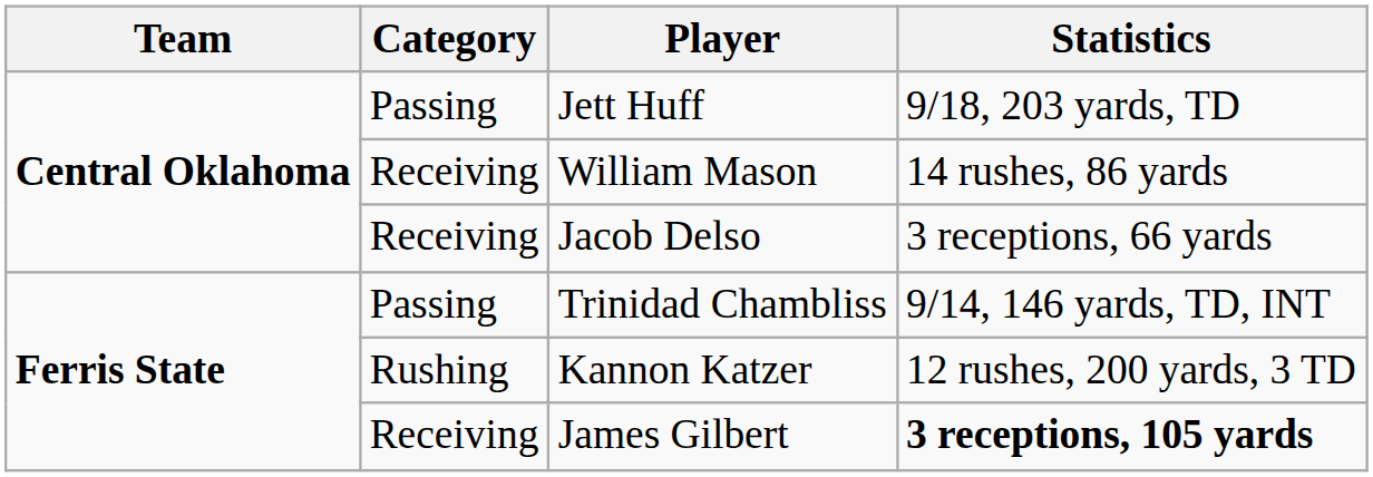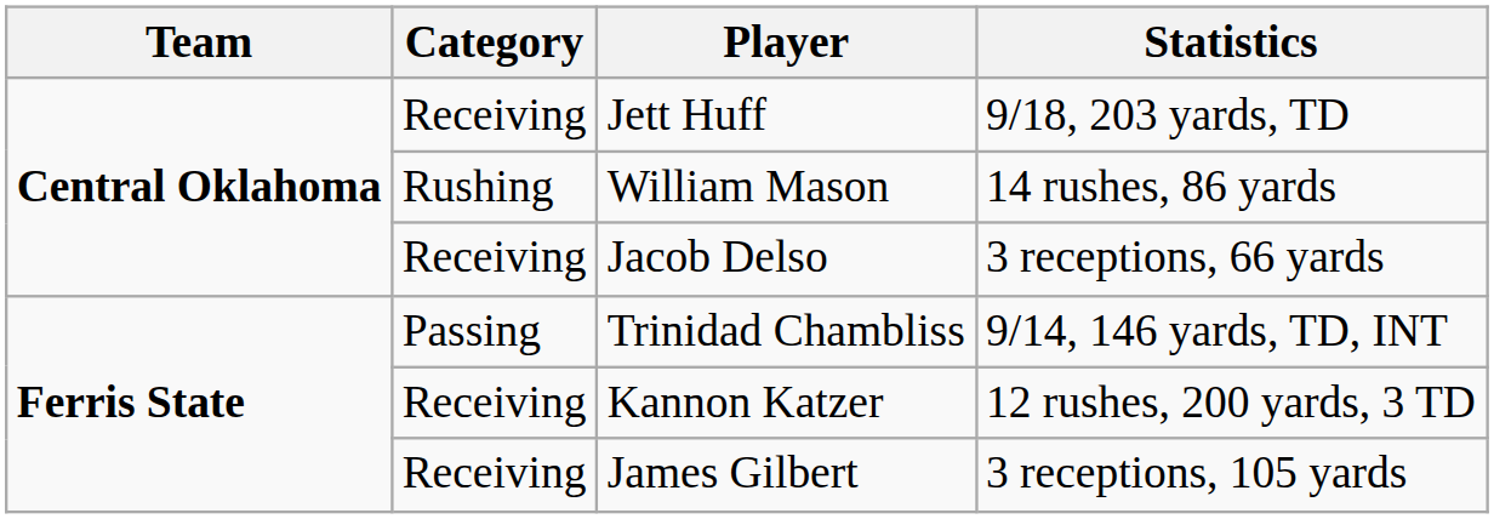 <table class="wikitable" style="float: left;">
 <tr>
 <th>Team</th>
 <th>Category</th>
 <th>Player</th>
 <th>Statistics</th>
 </tr>
 <tr>
 <td rowspan=3><strong>Central Oklahoma</strong></td>
-<td>Passing</td>
+<td>Receiving</td>
 <td>Jett Huff</td>
 <td>9/18, 203 yards, TD</td>
 </tr>
 <tr>
-<td>Receiving</td>
+<td>Rushing</td>
 <td>William Mason</td>
 <td>14 rushes, 86 yards</td>
 </tr>
 <tr>
 <td>Receiving</td>
 <td>Jacob Delso</td>
 <td>3 receptions, 66 yards</td>
 </tr>
 <tr>
 <td rowspan=3><strong>Ferris State</strong></td>
 <td>Passing</td>
 <td>Trinidad Chambliss</td>
 <td>9/14, 146 yards, TD, INT</td>
 </tr>
 <tr>
-<td>Rushing</td>
+<td>Receiving</td>
 <td>Kannon Katzer</td>
 <td>12 rushes, 200 yards, 3 TD</td>
 </tr>
 <tr>
 <td>Receiving</td>
 <td>James Gilbert</td>
-<td><strong>3 receptions, 105 yards</strong></td>
+<td>3 receptions, 105 yards</td>
 </tr>
 </table>
